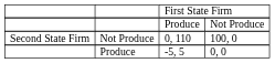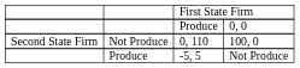 <table style="border-spacing:0;">
 <tr>
 <td style="border-top:0.0069in solid #000000;border-bottom:0.0069in solid #000000;border-left:0.0069in solid #000000;border-right:none;padding-top:0in;padding-bottom:0in;padding-left:0.075in;padding-right:0.075in;"></td>
 <td style="border-top:0.0069in solid #000000;border-bottom:0.0069in solid #000000;border-left:0.0069in solid #000000;border-right:none;padding-top:0in;padding-bottom:0in;padding-left:0.075in;padding-right:0.075in;"></td>
 <td colspan="2"  style="border:0.0069in solid #000000;padding-top:0in;padding-bottom:0in;padding-left:0.075in;padding-right:0.075in;">First State Firm</td>
 </tr>
 <tr>
 <td style="border-top:0.0069in solid #000000;border-bottom:0.0069in solid #000000;border-left:0.0069in solid #000000;border-right:none;padding-top:0in;padding-bottom:0in;padding-left:0.075in;padding-right:0.075in;"></td>
 <td style="border-top:0.0069in solid #000000;border-bottom:0.0069in solid #000000;border-left:0.0069in solid #000000;border-right:none;padding-top:0in;padding-bottom:0in;padding-left:0.075in;padding-right:0.075in;"></td>
 <td style="border-top:0.0069in solid #000000;border-bottom:0.0069in solid #000000;border-left:0.0069in solid #000000;border-right:none;padding-top:0in;padding-bottom:0in;padding-left:0.075in;padding-right:0.075in;">Produce</td>
-<td style="border:0.0069in solid #000000;padding-top:0in;padding-bottom:0in;padding-left:0.075in;padding-right:0.075in;">Not Produce</td>
+<td style="border:0.0069in solid #000000;padding-top:0in;padding-bottom:0in;padding-left:0.075in;padding-right:0.075in;">0, 0</td>
 </tr>
 <tr>
 <td style="border-top:0.0069in solid #000000;border-bottom:0.0069in solid #000000;border-left:0.0069in solid #000000;border-right:none;padding-top:0in;padding-bottom:0in;padding-left:0.075in;padding-right:0.075in;">Second State Firm</td>
 <td style="border-top:0.0069in solid #000000;border-bottom:0.0069in solid #000000;border-left:0.0069in solid #000000;border-right:none;padding-top:0in;padding-bottom:0in;padding-left:0.075in;padding-right:0.075in;">Not Produce</td>
 <td style="border-top:0.0069in solid #000000;border-bottom:0.0069in solid #000000;border-left:0.0069in solid #000000;border-right:none;padding-top:0in;padding-bottom:0in;padding-left:0.075in;padding-right:0.075in;">0, 110</td>
 <td style="border:0.0069in solid #000000;padding-top:0in;padding-bottom:0in;padding-left:0.075in;padding-right:0.075in;">100, 0</td>
 </tr>
 <tr>
 <td style="border-top:0.0069in solid #000000;border-bottom:0.0069in solid #000000;border-left:0.0069in solid #000000;border-right:none;padding-top:0in;padding-bottom:0in;padding-left:0.075in;padding-right:0.075in;"></td>
 <td style="border-top:0.0069in solid #000000;border-bottom:0.0069in solid #000000;border-left:0.0069in solid #000000;border-right:none;padding-top:0in;padding-bottom:0in;padding-left:0.075in;padding-right:0.075in;">Produce</td>
 <td style="border-top:0.0069in solid #000000;border-bottom:0.0069in solid #000000;border-left:0.0069in solid #000000;border-right:none;padding-top:0in;padding-bottom:0in;padding-left:0.075in;padding-right:0.075in;">-5, 5</td>
-<td style="border:0.0069in solid #000000;padding-top:0in;padding-bottom:0in;padding-left:0.075in;padding-right:0.075in;">0, 0</td>
+<td style="border:0.0069in solid #000000;padding-top:0in;padding-bottom:0in;padding-left:0.075in;padding-right:0.075in;">Not Produce</td>
 </tr>
 </table>
